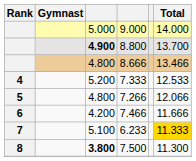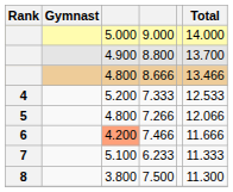 <table class="wikitable sortable" style="text-align:center; font-size:95%">
 <tr>
 <th scope=col>Rank</th>
 <th scope=col>Gymnast</th>
 <th scope=col></th>
 <th scope=col></th>
 <th scope=col></th>
 <th scope=col>Total</th>
 </tr>
 <tr bgcolor=fffcaf>
 <th scope=row></th>
 <td align=left></td>
 <td>5.000</td>
 <td>9.000</td>
 <td></td>
 <td>14.000</td>
 </tr>
 <tr bgcolor=e5e5e5>
 <th scope=row></th>
 <td align=left></td>
-<td><strong>4.900</strong></td>
+<td>4.900</td>
 <td>8.800</td>
 <td></td>
 <td>13.700</td>
 </tr>
 <tr bgcolor=eecc99>
 <th scope=row></th>
 <td align=left></td>
 <td>4.800</td>
 <td>8.666</td>
 <td></td>
 <td>13.466</td>
 </tr>
 <tr>
 <th scope=row>4</th>
 <td align=left></td>
 <td>5.200</td>
 <td>7.333</td>
 <td></td>
 <td>12.533</td>
 </tr>
 <tr>
 <th scope=row>5</th>
 <td align=left></td>
 <td>4.800</td>
 <td>7.266</td>
 <td></td>
 <td>12.066</td>
 </tr>
 <tr>
 <th scope=row>6</th>
 <td align=left></td>
-<td>4.200</td>
+<td style="background: lightsalmon;">4.200</td>
 <td>7.466</td>
 <td></td>
 <td>11.666</td>
 </tr>
 <tr>
 <th scope=row>7</th>
 <td align=left></td>
 <td>5.100</td>
 <td>6.233</td>
 <td></td>
-<td style="background: gold;">11.333</td>
+<td>11.333</td>
 </tr>
 <tr>
 <th scope=row>8</th>
 <td align=left></td>
-<td><strong>3.800</strong></td>
+<td>3.800</td>
 <td>7.500</td>
 <td></td>
 <td>11.300</td>
 </tr>
 <tr>
 </tr>
 </table>
